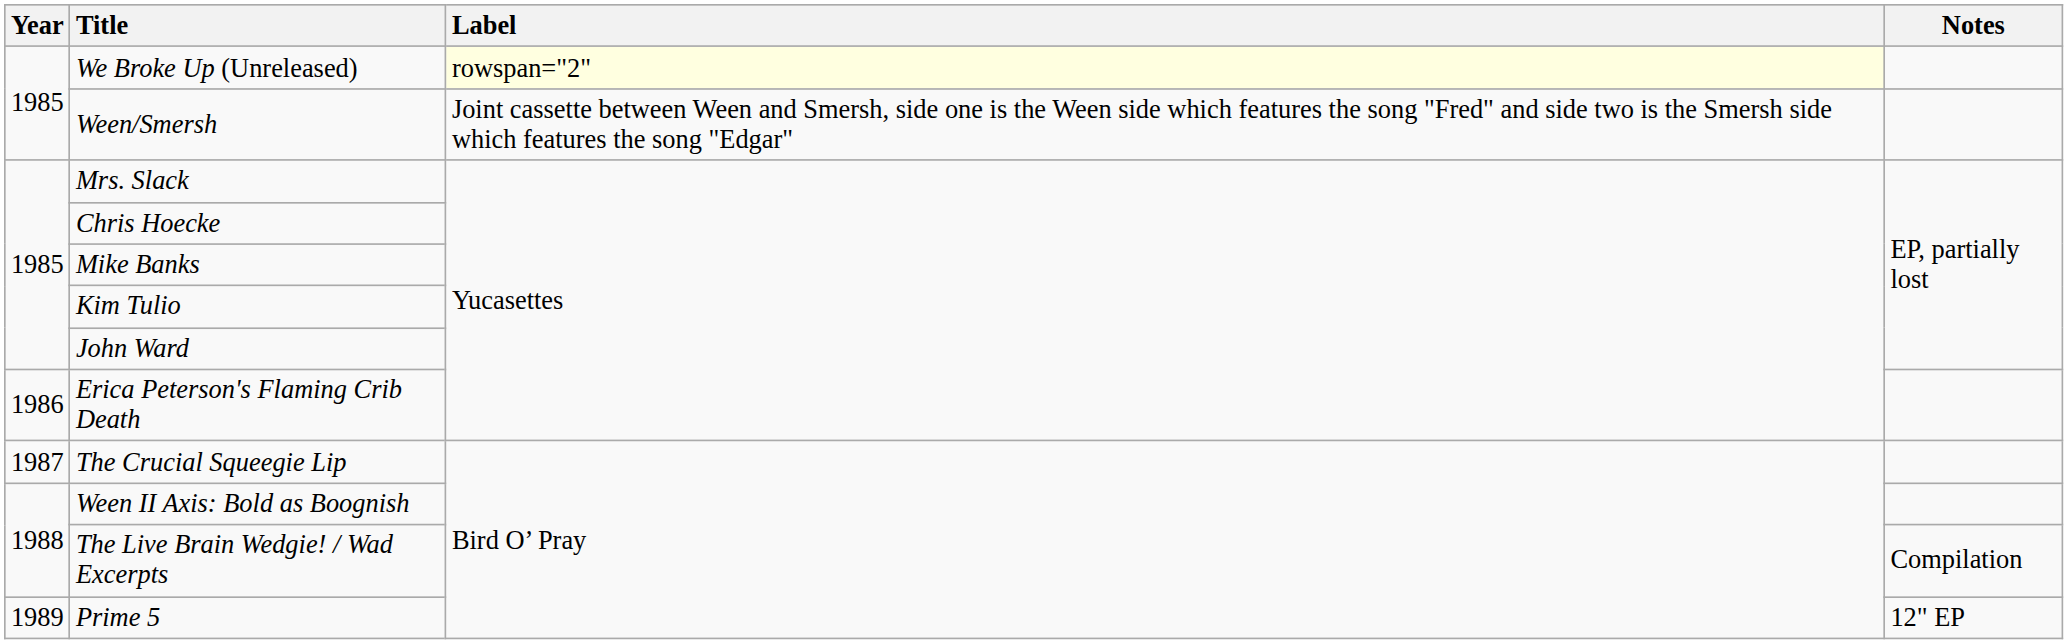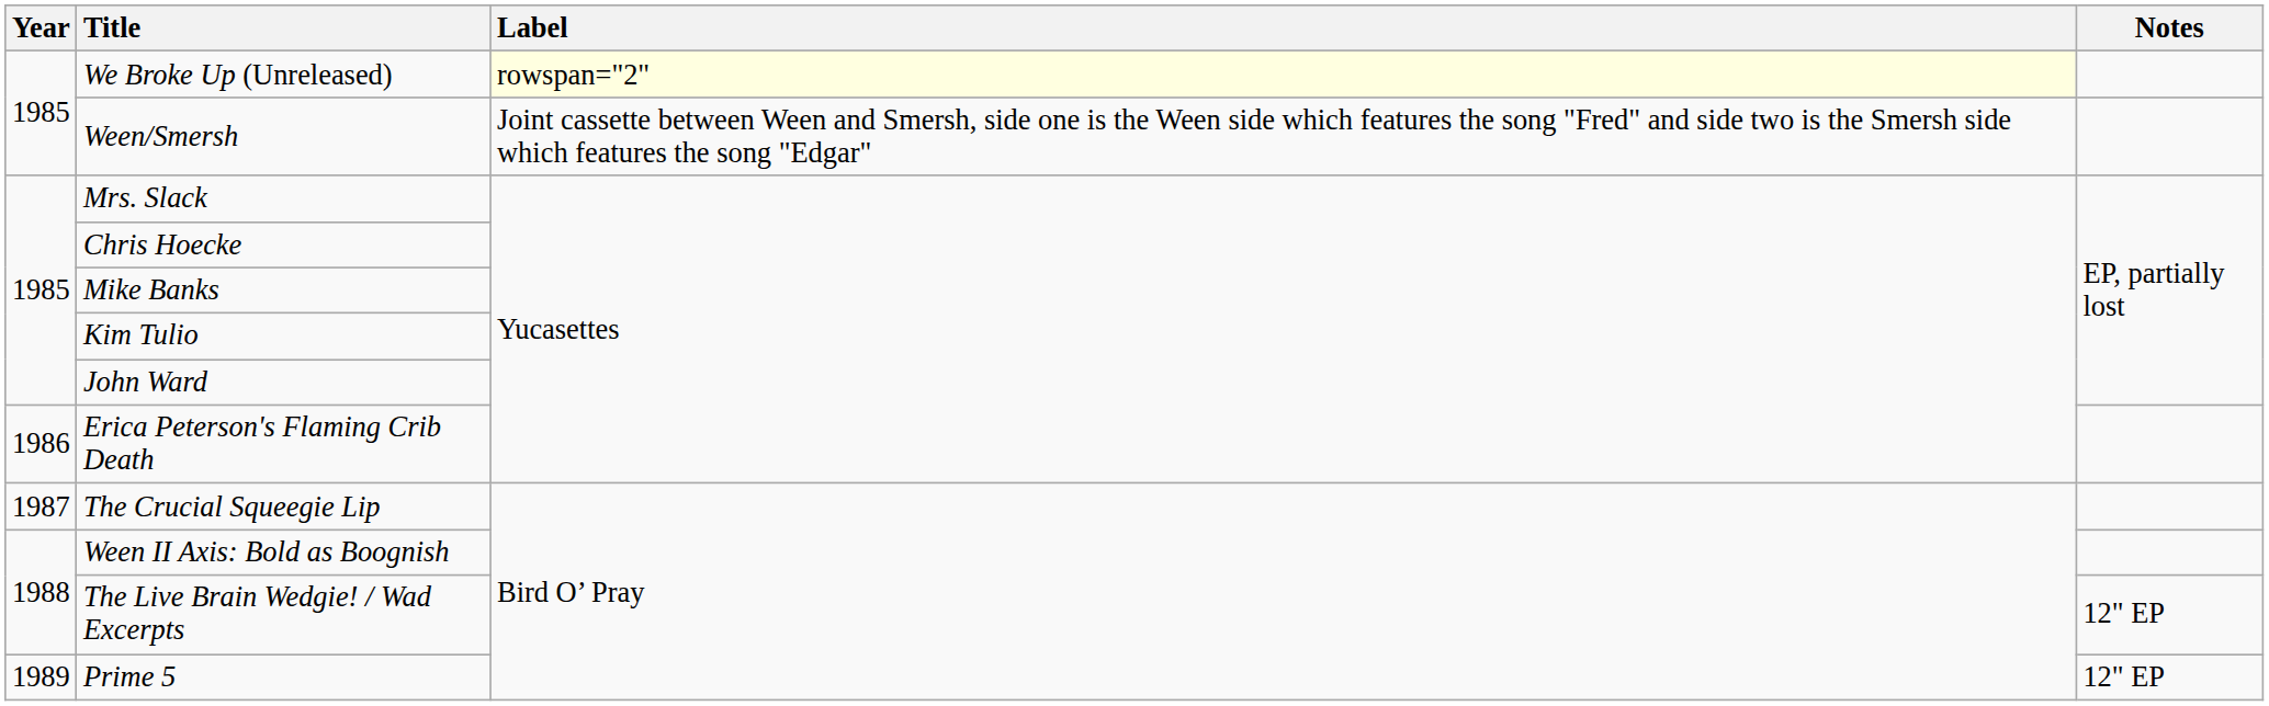 <table class="wikitable">
 <tr>
 <th style="text-align:left;">Year</th>
 <th style="text-align:left;">Title</th>
 <th style="text-align:left;">Label</th>
 <th>Notes</th>
 </tr>
 <tr>
 <td rowspan="2">1985</td>
 <td><em>We Broke Up</em>  (Unreleased)</td>
 <td style="background: lightyellow;">rowspan="2" </td>
 <td></td>
 </tr>
 <tr>
 <td><em>Ween/Smersh</em></td>
 <td>Joint cassette between Ween and Smersh, side one is the Ween side which features the song "Fred" and side two is the Smersh side which features the song "Edgar"</td>
 </tr>
 <tr>
 <td rowspan="5">1985</td>
 <td><em>Mrs. Slack</em></td>
 <td rowspan="6">Yucasettes</td>
 <td rowspan="5">EP, partially lost</td>
 </tr>
 <tr>
 <td><em>Chris Hoecke</em></td>
 </tr>
 <tr>
 <td><em>Mike Banks</em></td>
 </tr>
 <tr>
 <td><em>Kim Tulio</em></td>
 </tr>
 <tr>
 <td><em>John Ward</em></td>
 </tr>
 <tr>
 <td>1986</td>
 <td><em>Erica Peterson's Flaming Crib Death</em></td>
 <td></td>
 </tr>
 <tr>
 <td>1987</td>
 <td><em>The Crucial Squeegie Lip</em></td>
 <td rowspan="4">Bird O’ Pray</td>
 <td></td>
 </tr>
 <tr>
 <td rowspan="2">1988</td>
 <td><em>Ween II Axis: Bold as Boognish</em></td>
 <td></td>
 </tr>
 <tr>
 <td><em>The Live Brain Wedgie! / Wad Excerpts</em></td>
-<td>Compilation</td>
+<td>12" EP</td>
 </tr>
 <tr>
 <td>1989</td>
 <td><em>Prime 5</em></td>
 <td>12" EP</td>
 </tr>
 </table>
